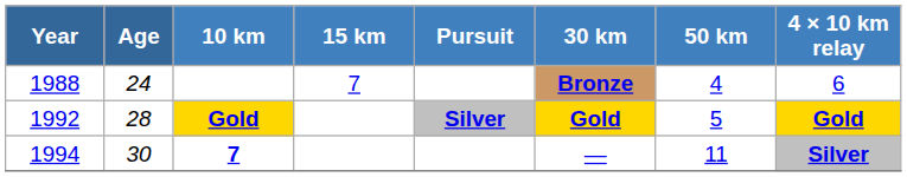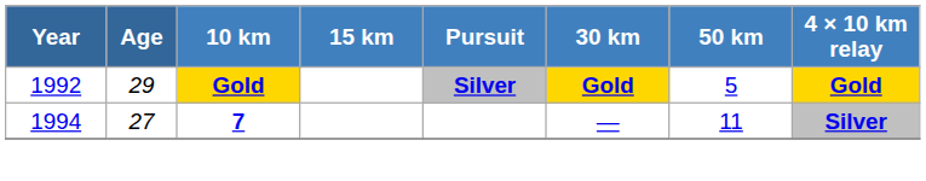 <table class="wikitable" style="font-size:95%; text-align:center; border:grey solid 1px; border-collapse:collapse; background:#ffffff;">
 <tr>
 <th style="background-color:#369; color:white; width:60px;"> Year </th>
 <th style="background-color:#369; color:white; width:40px;"> Age </th>
 <th style="background-color:#4180be; color:white; width:75px;"> 10 km </th>
 <th style="background-color:#4180be; color:white; width:75px;"> 15 km </th>
 <th style="background-color:#4180be; color:white; width:75px;"> Pursuit </th>
 <th style="background-color:#4180be; color:white; width:75px;"> 30 km </th>
 <th style="background-color:#4180be; color:white; width:75px;"> 50 km </th>
 <th style="background-color:#4180be; color:white; width:75px;"> 4 × 10 km <br> relay </th>
 </tr>
 <tr>
-<td><a href='#'>1988</a></td>
-<td><em>24</em></td>
-<td></td>
-<td><a href='#'>7</a></td>
-<td></td>
-<td bgcolor="cc9966"><a href='#'><strong>Bronze</strong></a></td>
-<td><a href='#'>4</a></td>
-<td><a href='#'>6</a></td>
-</tr>
-<tr>
 <td><a href='#'>1992</a></td>
-<td><em>28</em></td>
+<td><em>29</em></td>
 <td style="background:gold;"><a href='#'><strong>Gold</strong></a></td>
 <td></td>
 <td style="background:silver;"><a href='#'><strong>Silver</strong></a></td>
 <td style="background:gold;"><a href='#'><strong>Gold</strong></a></td>
 <td><a href='#'>5</a></td>
 <td style="background:gold;"><a href='#'><strong>Gold</strong></a></td>
 </tr>
 <tr>
 <td><a href='#'>1994</a></td>
-<td><em>30</em></td>
+<td><em>27</em></td>
 <td><strong><a href='#'>7</a></strong></td>
 <td></td>
 <td><a href='#'></a></td>
 <td><a href='#'>—</a></td>
 <td><a href='#'>11</a></td>
 <td style="background:silver;"><a href='#'><strong>Silver</strong></a></td>
 </tr>
 <tr>
 </tr>
 </table>
